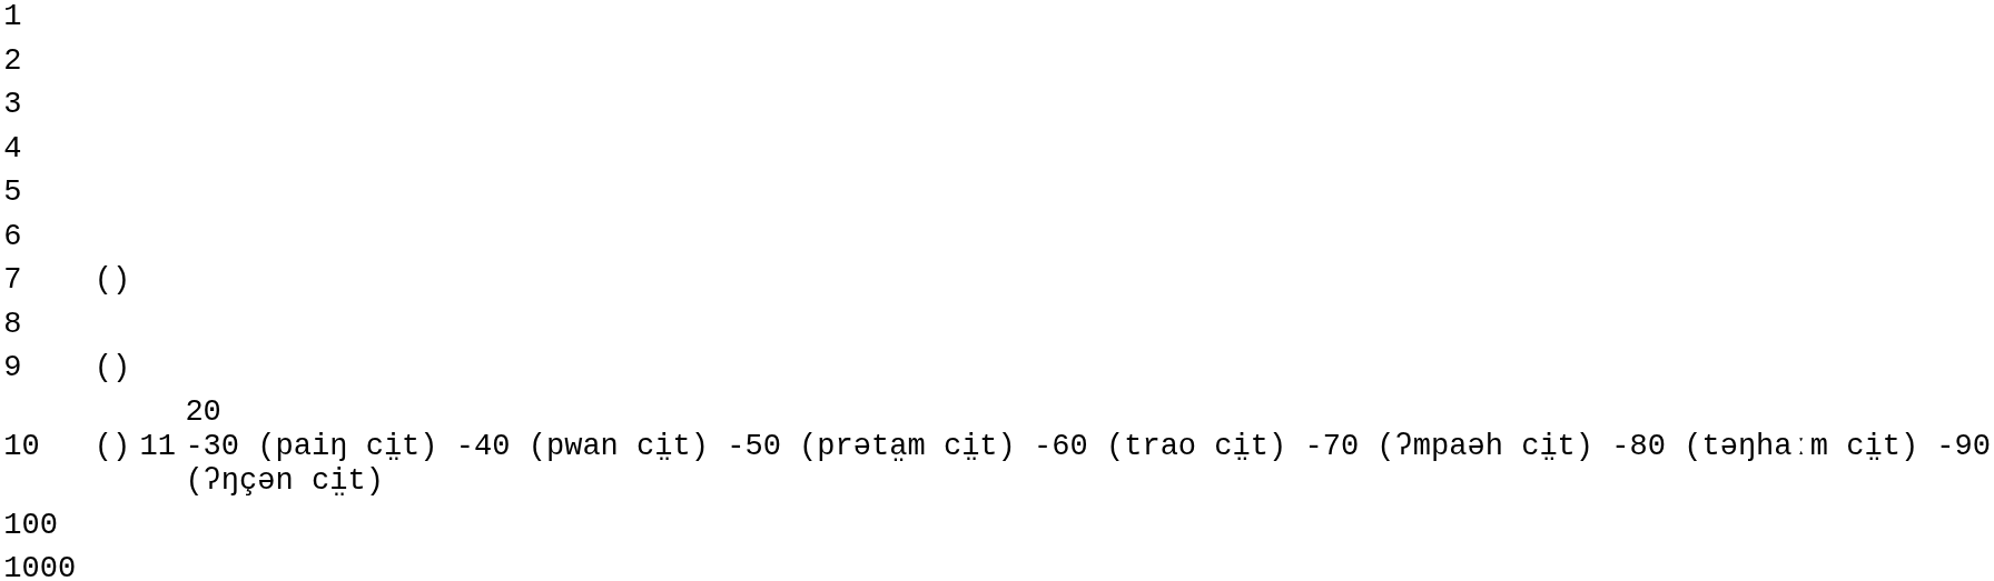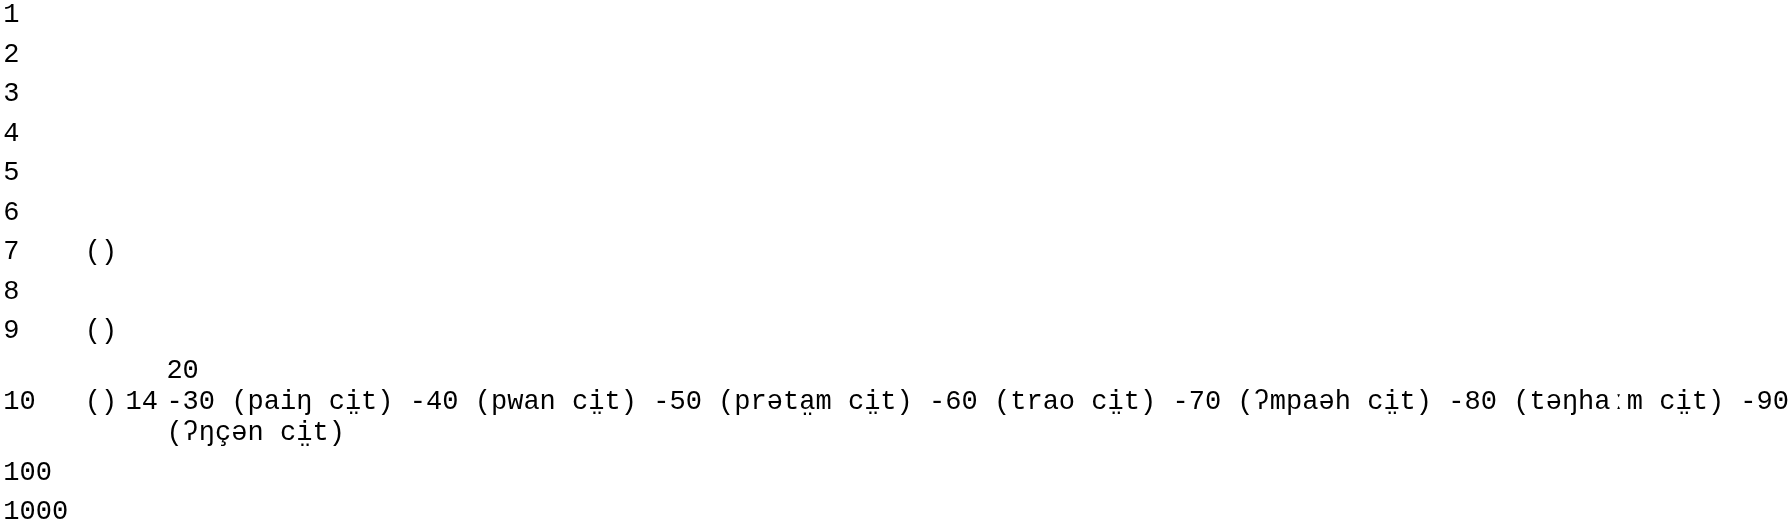 <table>
 <tr>
 <td>1</td>
 <td></td>
 </tr>
 <tr>
 <td>2</td>
 <td></td>
 </tr>
 <tr>
 <td>3</td>
 <td></td>
 </tr>
 <tr>
 <td>4</td>
 <td></td>
 </tr>
 <tr>
 <td>5</td>
 <td></td>
 </tr>
 <tr>
 <td>6</td>
 <td></td>
 </tr>
 <tr>
 <td>7</td>
 <td></td>
 <td>()</td>
 </tr>
 <tr>
 <td>8</td>
 <td></td>
 </tr>
 <tr>
 <td>9</td>
 <td></td>
 <td>()</td>
 </tr>
 <tr>
 <td>10</td>
 <td></td>
 <td>()</td>
-<td>11 </td>
+<td>14 </td>
 <td>20 <br>-30 (paiŋ ci̤t) -40 (pwan ci̤t) -50 (prəta̤m ci̤t) -60 (trao ci̤t)  -70 (ʔmpaəh ci̤t) -80 (təŋhaːm ci̤t) -90 (ʔŋçən ci̤t)</td>
 </tr>
 <tr>
 <td>100</td>
 <td></td>
 </tr>
 <tr>
 <td>1000</td>
 <td></td>
 </tr>
 <tr>
 </tr>
 </table>
